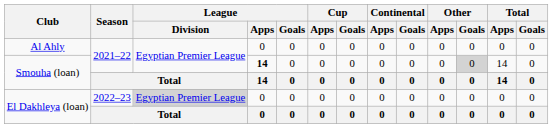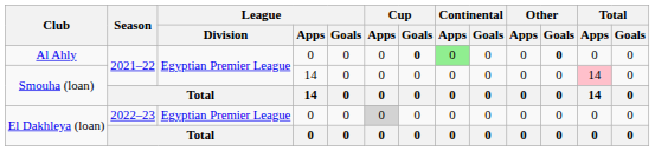 <table class="wikitable" style="text-align: center">
 <tr>
 <th rowspan="2">Club</th>
 <th rowspan="2">Season</th>
 <th colspan="3">League</th>
 <th colspan="2">Cup</th>
 <th colspan="2">Continental</th>
 <th colspan="2">Other</th>
 <th colspan="2">Total</th>
 </tr>
 <tr>
 <th>Division</th>
 <th>Apps</th>
 <th>Goals</th>
 <th>Apps</th>
 <th>Goals</th>
 <th>Apps</th>
 <th>Goals</th>
 <th>Apps</th>
 <th>Goals</th>
 <th>Apps</th>
 <th>Goals</th>
 </tr>
 <tr>
 <td><a href='#'>Al Ahly</a></td>
 <td rowspan="2"><a href='#'>2021–22</a></td>
 <td rowspan="2"><a href='#'>Egyptian Premier League</a></td>
 <td>0</td>
 <td>0</td>
 <td>0</td>
+<td><strong>0</strong></td>
+<td style="background: lightgreen;">0</td>
+<td>0</td>
+<td>0</td>
+<td><strong>0</strong></td>
+<td>0</td>
+<td>0</td>
+</tr>
+<tr>
+<td rowspan="2"><a href='#'>Smouha</a> (loan)</td>
+<td>14</td>
 <td>0</td>
 <td>0</td>
 <td>0</td>
 <td>0</td>
 <td>0</td>
 <td>0</td>
 <td>0</td>
-</tr>
-<tr>
-<td rowspan="2"><a href='#'>Smouha</a> (loan)</td>
-<td><strong>14</strong></td>
-<td>0</td>
-<td>0</td>
-<td>0</td>
-<td>0</td>
-<td>0</td>
-<td>0</td>
-<td style="background: lightgrey;">0</td>
-<td>14</td>
+<td style="background: pink;">14</td>
 <td>0</td>
 </tr>
 <tr>
 <th colspan=2>Total</th>
 <th>14</th>
 <th>0</th>
 <th>0</th>
 <th>0</th>
 <th>0</th>
 <th>0</th>
 <th>0</th>
 <th>0</th>
 <th>14</th>
 <th>0</th>
 </tr>
 <tr>
 <td rowspan="2"><a href='#'>El Dakhleya</a> (loan)</td>
 <td><a href='#'>2022–23</a></td>
-<td style="background: lightgrey;"><a href='#'>Egyptian Premier League</a></td>
+<td><a href='#'>Egyptian Premier League</a></td>
 <td>0</td>
 <td>0</td>
-<td>0</td>
+<td style="background: lightgrey;">0</td>
 <td>0</td>
 <td>0</td>
 <td>0</td>
 <td>0</td>
 <td>0</td>
 <td>0</td>
 <td>0</td>
 </tr>
 <tr>
 <th colspan=2>Total</th>
 <th>0</th>
 <th>0</th>
 <th>0</th>
 <th>0</th>
 <th>0</th>
 <th>0</th>
 <th>0</th>
 <th>0</th>
 <th>0</th>
 <th>0</th>
 </tr>
 </table>
